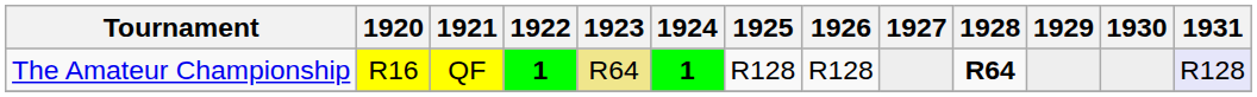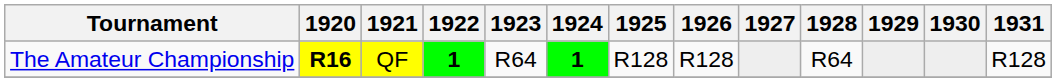 <table class="wikitable" style="font-size:95%;text-align:center;">
 <tr>
 <th>Tournament</th>
 <th>1920</th>
 <th>1921</th>
 <th>1922</th>
 <th>1923</th>
 <th>1924</th>
 <th>1925</th>
 <th>1926</th>
 <th>1927</th>
 <th>1928</th>
 <th>1929</th>
 <th>1930</th>
 <th>1931</th>
 </tr>
 <tr>
 <td align=left><a href='#'>The Amateur Championship</a></td>
-<td style="background:yellow;">R16</td>
+<td style="background:yellow;"><strong>R16</strong></td>
 <td style="background:yellow;">QF</td>
 <td style="background:lime;"><strong>1</strong></td>
-<td style="background: khaki;">R64</td>
+<td>R64</td>
 <td style="background:lime;"><strong>1</strong></td>
 <td>R128</td>
 <td>R128</td>
 <td style="background:#eeeeee;"></td>
-<td><strong>R64</strong></td>
+<td>R64</td>
 <td style="background:#eeeeee;"></td>
 <td style="background:#eeeeee;"></td>
-<td style="background: lavender;">R128</td>
+<td>R128</td>
 </tr>
 <tr>
 </tr>
 </table>
